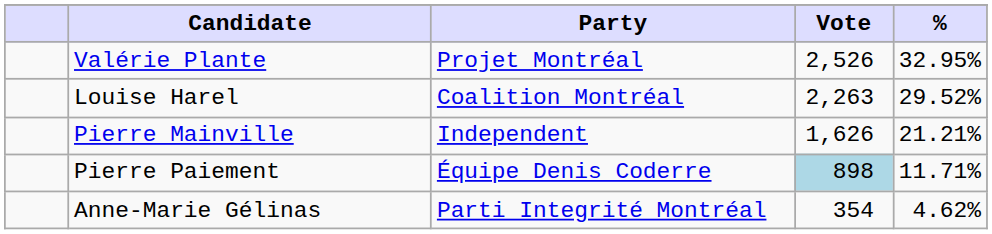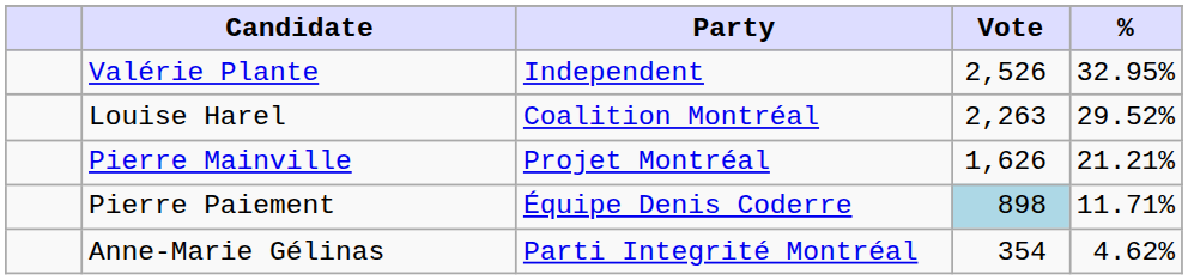 <table class="wikitable">
 <tr>
 </tr>
 <tr>
 <th style="background:#ddf; width:30px;"> </th>
 <th style="background:#ddf; width:200px;">Candidate</th>
 <th style="background:#ddf; width:200px;">Party</th>
 <th style="background:#ddf; width:50px;">Vote</th>
 <th style="background:#ddf; width:30px;">%</th>
 </tr>
 <tr>
 <td> </td>
 <td><a href='#'>Valérie Plante</a></td>
-<td><a href='#'>Projet Montréal</a></td>
+<td><a href='#'>Independent</a></td>
 <td align="right">2,526 </td>
 <td align="right">32.95%</td>
 </tr>
 <tr>
 <td> </td>
 <td>Louise Harel</td>
 <td><a href='#'>Coalition Montréal</a></td>
 <td align="right">2,263 </td>
 <td align="right">29.52%</td>
 </tr>
 <tr>
 <td> </td>
 <td><a href='#'>Pierre Mainville</a></td>
-<td><a href='#'>Independent</a></td>
+<td><a href='#'>Projet Montréal</a></td>
 <td align="right">1,626 </td>
 <td align="right">21.21%</td>
 </tr>
 <tr>
 <td> </td>
 <td>Pierre Paiement</td>
 <td><a href='#'>Équipe Denis Coderre</a></td>
 <td align="right" style="background: lightblue;">898 </td>
 <td align="right">11.71%</td>
 </tr>
 <tr>
 <td> </td>
 <td>Anne-Marie Gélinas</td>
 <td><a href='#'>Parti Integrité Montréal</a></td>
 <td align="right">354 </td>
 <td align="right">4.62%</td>
 </tr>
 </table>
